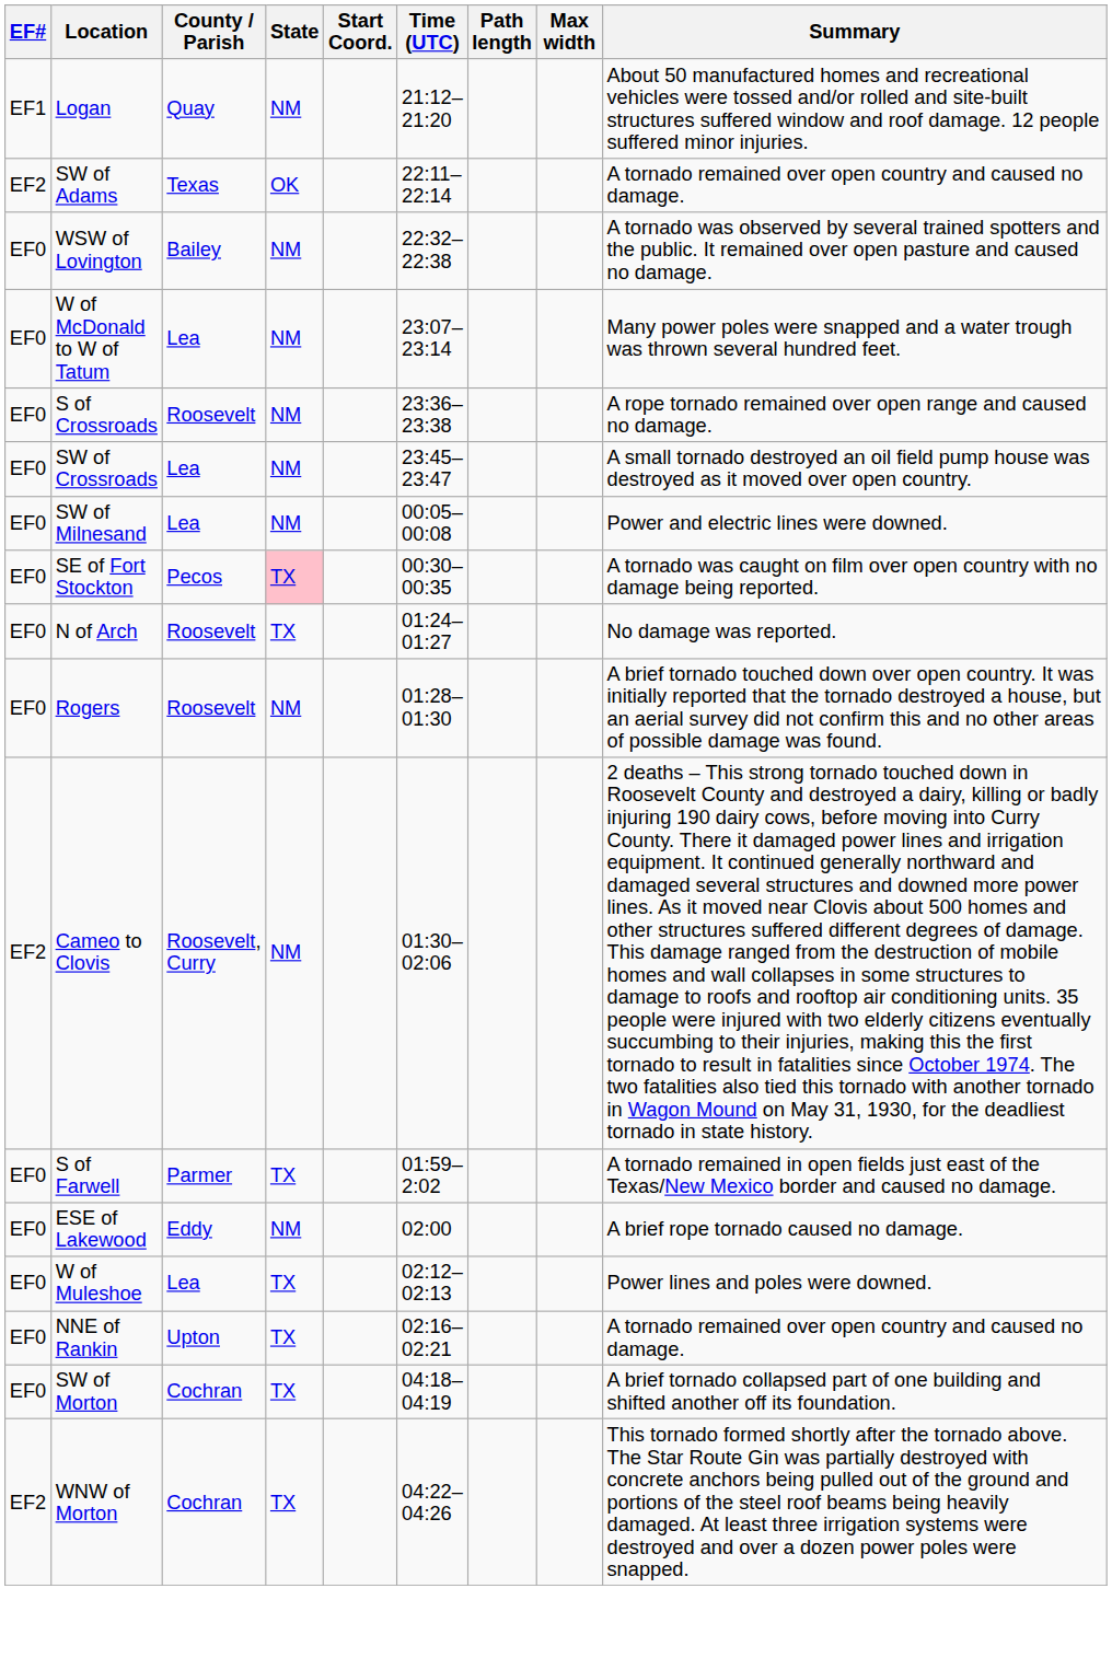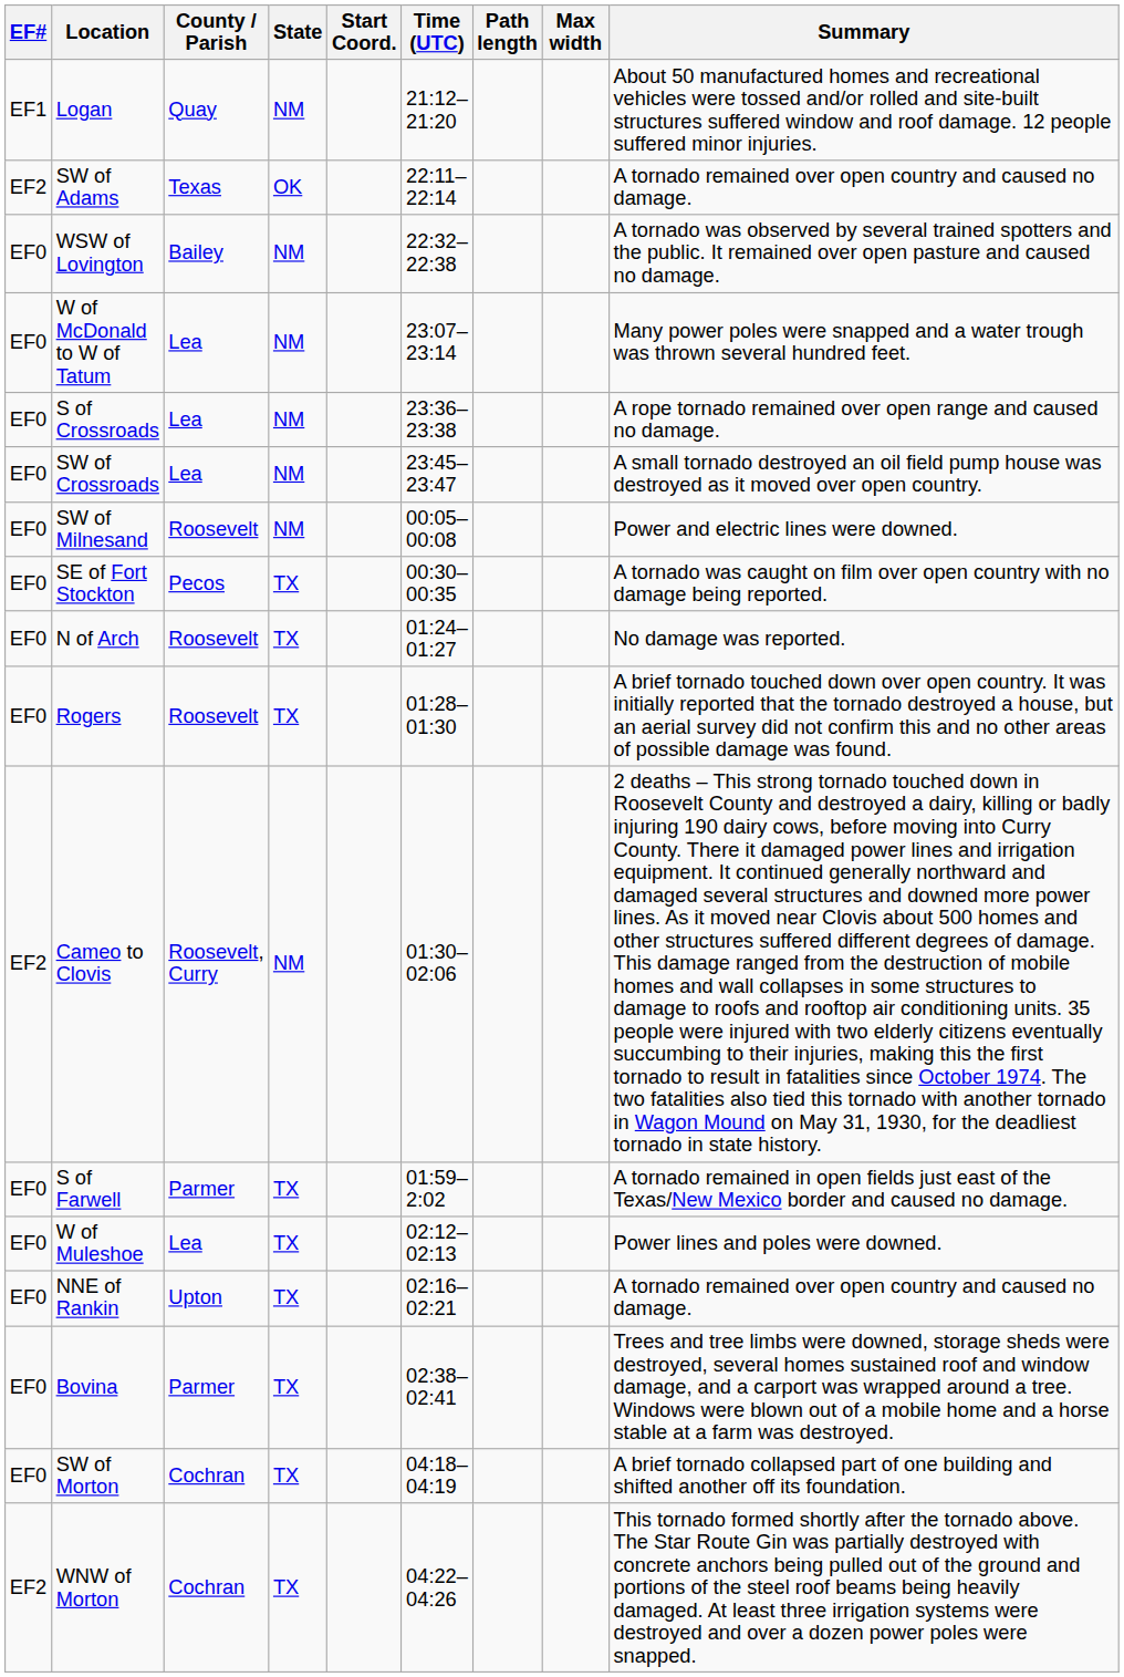 <table class="wikitable sortable" style="width:100%;">
 <tr>
 <th scope="col"  style="width:3%; text-align:center;"><a href='#'>EF#</a></th>
 <th scope="col"  style="width:7%; text-align:center;" class="unsortable">Location</th>
 <th scope="col"  style="width:6%; text-align:center;" class="unsortable">County / Parish</th>
 <th scope="col"  style="width:5%; text-align:center;">State</th>
 <th scope="col"  style="width:6%; text-align:center;">Start Coord.</th>
 <th scope="col"  style="width:6%; text-align:center;">Time (<a href='#'>UTC</a>)</th>
 <th scope="col"  style="width:6%; text-align:center;">Path length</th>
 <th scope="col"  style="width:6%; text-align:center;">Max width</th>
 <th scope="col" class="unsortable" style="width:48%; text-align:center;">Summary</th>
 </tr>
 <tr>
 <td>EF1</td>
 <td><a href='#'>Logan</a></td>
 <td><a href='#'>Quay</a></td>
 <td><a href='#'>NM</a></td>
 <td></td>
 <td>21:12–21:20</td>
 <td></td>
 <td></td>
 <td>About 50 manufactured homes and recreational vehicles were tossed and/or rolled and site-built structures suffered window and roof damage. 12 people suffered minor injuries.</td>
 </tr>
 <tr>
 <td>EF2</td>
 <td>SW of <a href='#'>Adams</a></td>
 <td><a href='#'>Texas</a></td>
 <td><a href='#'>OK</a></td>
 <td></td>
 <td>22:11–22:14</td>
 <td></td>
 <td></td>
 <td>A tornado remained over open country and caused no damage.</td>
 </tr>
 <tr>
 <td>EF0</td>
 <td>WSW of <a href='#'>Lovington</a></td>
 <td><a href='#'>Bailey</a></td>
 <td><a href='#'>NM</a></td>
 <td></td>
 <td>22:32–22:38</td>
 <td></td>
 <td></td>
 <td>A tornado was observed by several trained spotters and the public. It remained over open pasture and caused no damage.</td>
 </tr>
 <tr>
 <td>EF0</td>
 <td>W of <a href='#'>McDonald</a> to W of <a href='#'>Tatum</a></td>
 <td><a href='#'>Lea</a></td>
 <td><a href='#'>NM</a></td>
 <td></td>
 <td>23:07–23:14</td>
 <td></td>
 <td></td>
 <td>Many power poles were snapped and a  water trough was thrown several hundred feet.</td>
 </tr>
 <tr>
 <td>EF0</td>
 <td>S of <a href='#'>Crossroads</a></td>
-<td><a href='#'>Roosevelt</a></td>
+<td><a href='#'>Lea</a></td>
 <td><a href='#'>NM</a></td>
 <td></td>
 <td>23:36–23:38</td>
 <td></td>
 <td></td>
 <td>A rope tornado remained over open range and caused no damage.</td>
 </tr>
 <tr>
 <td>EF0</td>
 <td>SW of <a href='#'>Crossroads</a></td>
 <td><a href='#'>Lea</a></td>
 <td><a href='#'>NM</a></td>
 <td></td>
 <td>23:45–23:47</td>
 <td></td>
 <td></td>
 <td>A small tornado destroyed an oil field pump house was destroyed as it moved over open country.</td>
 </tr>
 <tr>
 <td>EF0</td>
 <td>SW of <a href='#'>Milnesand</a></td>
-<td><a href='#'>Lea</a></td>
+<td><a href='#'>Roosevelt</a></td>
 <td><a href='#'>NM</a></td>
 <td></td>
 <td>00:05–00:08</td>
 <td></td>
 <td></td>
 <td>Power and electric lines were downed.</td>
 </tr>
 <tr>
 <td>EF0</td>
 <td>SE of <a href='#'>Fort Stockton</a></td>
 <td><a href='#'>Pecos</a></td>
-<td style="background: pink;"><a href='#'>TX</a></td>
+<td><a href='#'>TX</a></td>
 <td></td>
 <td>00:30–00:35</td>
 <td></td>
 <td></td>
 <td>A tornado was caught on film over open country with no damage being reported.</td>
 </tr>
 <tr>
 <td>EF0</td>
 <td>N of <a href='#'>Arch</a></td>
 <td><a href='#'>Roosevelt</a></td>
 <td><a href='#'>TX</a></td>
 <td></td>
 <td>01:24–01:27</td>
 <td></td>
 <td></td>
 <td>No damage was reported.</td>
 </tr>
 <tr>
 <td>EF0</td>
 <td><a href='#'>Rogers</a></td>
 <td><a href='#'>Roosevelt</a></td>
-<td><a href='#'>NM</a></td>
+<td><a href='#'>TX</a></td>
 <td></td>
 <td>01:28–01:30</td>
 <td></td>
 <td></td>
 <td>A brief tornado touched down over open country. It was initially reported that the tornado destroyed a house, but an aerial survey did not confirm this and no other areas of possible damage was found.</td>
 </tr>
 <tr>
 <td>EF2</td>
 <td><a href='#'>Cameo</a> to <a href='#'>Clovis</a></td>
 <td><a href='#'>Roosevelt</a>, <a href='#'>Curry</a></td>
 <td><a href='#'>NM</a></td>
 <td></td>
 <td>01:30–02:06</td>
 <td></td>
 <td></td>
 <td>2 deaths – This strong tornado touched down in Roosevelt County and destroyed a dairy, killing or badly injuring 190 dairy cows, before moving into Curry County. There it damaged power lines and irrigation equipment. It continued generally northward and damaged several structures and downed more power lines. As it moved near Clovis about 500 homes and other structures suffered different degrees of damage. This damage ranged from the destruction of mobile homes and wall collapses in some structures to damage to roofs and rooftop air conditioning units. 35 people were injured with two elderly citizens eventually succumbing to their injuries, making this the first tornado to result in fatalities since <a href='#'>October 1974</a>. The two fatalities also tied this tornado with another tornado in <a href='#'>Wagon Mound</a> on May 31, 1930, for the deadliest tornado in state history.</td>
 </tr>
 <tr>
 <td>EF0</td>
 <td>S of <a href='#'>Farwell</a></td>
 <td><a href='#'>Parmer</a></td>
 <td><a href='#'>TX</a></td>
 <td></td>
 <td>01:59–2:02</td>
 <td></td>
 <td></td>
 <td>A tornado remained in open fields just east of the Texas/<a href='#'>New Mexico</a> border and caused no damage.</td>
 </tr>
 <tr>
 <td>EF0</td>
-<td>ESE of <a href='#'>Lakewood</a></td>
-<td><a href='#'>Eddy</a></td>
-<td><a href='#'>NM</a></td>
-<td></td>
-<td>02:00</td>
-<td></td>
-<td></td>
-<td>A brief rope tornado caused no damage.</td>
-</tr>
-<tr>
-<td>EF0</td>
 <td>W of <a href='#'>Muleshoe</a></td>
 <td><a href='#'>Lea</a></td>
 <td><a href='#'>TX</a></td>
 <td></td>
 <td>02:12–02:13</td>
 <td></td>
 <td></td>
 <td>Power lines and poles were downed.</td>
 </tr>
 <tr>
 <td>EF0</td>
 <td>NNE of <a href='#'>Rankin</a></td>
 <td><a href='#'>Upton</a></td>
 <td><a href='#'>TX</a></td>
 <td></td>
 <td>02:16–02:21</td>
 <td></td>
 <td></td>
 <td>A tornado remained over open country and caused no damage.</td>
+</tr>
+<tr>
+<td>EF0</td>
+<td><a href='#'>Bovina</a></td>
+<td><a href='#'>Parmer</a></td>
+<td><a href='#'>TX</a></td>
+<td></td>
+<td>02:38–02:41</td>
+<td></td>
+<td></td>
+<td>Trees and tree limbs were downed, storage sheds were destroyed, several homes sustained roof and window damage, and a carport was wrapped around a tree. Windows were blown out of a mobile home and a horse stable at a farm was destroyed.</td>
 </tr>
 <tr>
 <td>EF0</td>
 <td>SW of <a href='#'>Morton</a></td>
 <td><a href='#'>Cochran</a></td>
 <td><a href='#'>TX</a></td>
 <td></td>
 <td>04:18–04:19</td>
 <td></td>
 <td></td>
 <td>A brief tornado collapsed part of one building and shifted another off its foundation.</td>
 </tr>
 <tr>
 <td>EF2</td>
 <td>WNW of <a href='#'>Morton</a></td>
 <td><a href='#'>Cochran</a></td>
 <td><a href='#'>TX</a></td>
 <td></td>
 <td>04:22–04:26</td>
 <td></td>
 <td></td>
 <td>This tornado formed shortly after the tornado above. The Star Route Gin was partially destroyed with concrete anchors being pulled out of the ground and portions of the steel roof beams being heavily damaged. At least three irrigation systems were destroyed and over a dozen power poles were snapped.</td>
 </tr>
 <tr>
 </tr>
 </table>
